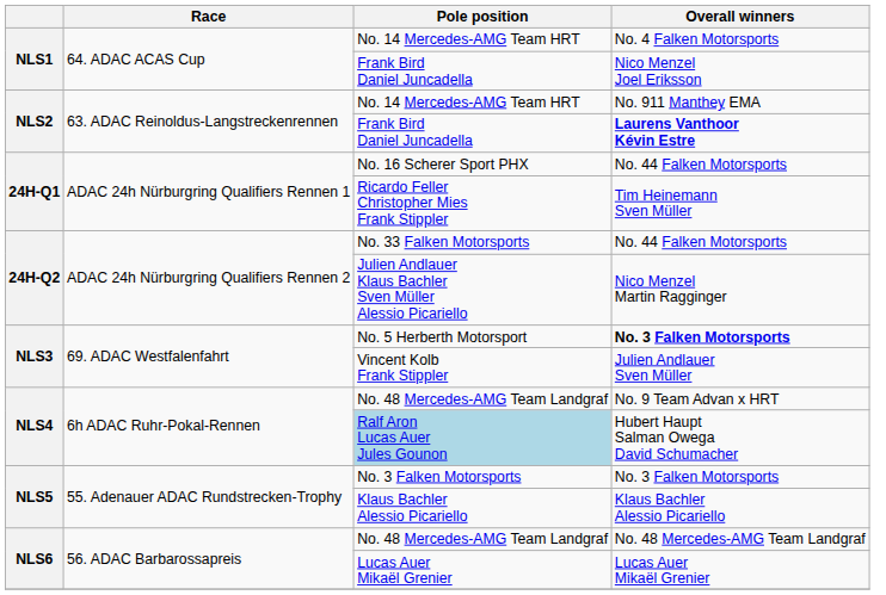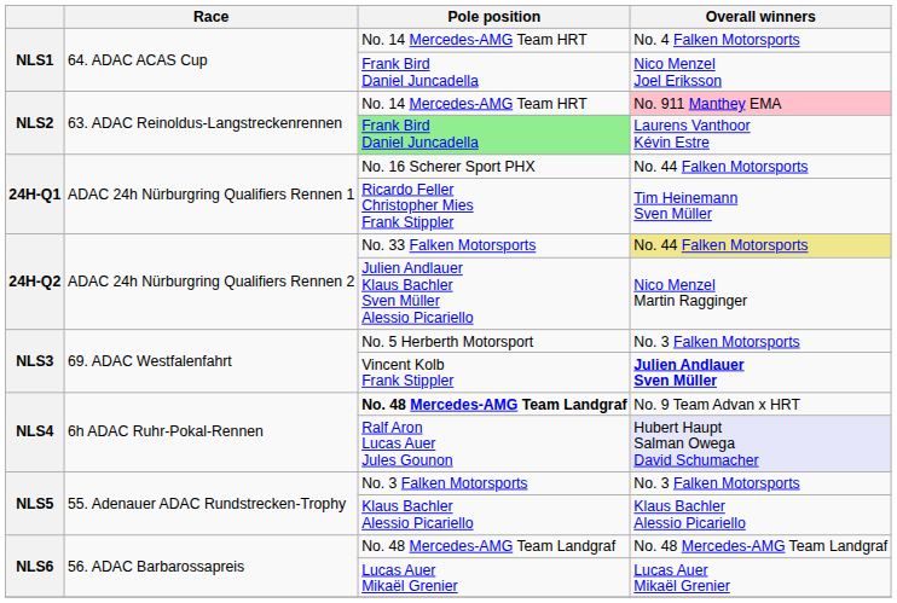 <table class="wikitable" style="font-size: 85%;">
 <tr>
 <th></th>
 <th>Race</th>
 <th>Pole position</th>
 <th>Overall winners</th>
 </tr>
 <tr>
 <th rowspan="2">NLS1</th>
 <td rowspan="2">64. ADAC ACAS Cup</td>
 <td> No. 14 <a href='#'>Mercedes-AMG</a> Team HRT</td>
 <td> No. 4 <a href='#'>Falken Motorsports</a></td>
 </tr>
 <tr>
 <td> <a href='#'>Frank Bird</a><br> <a href='#'>Daniel Juncadella</a></td>
 <td> <a href='#'>Nico Menzel</a><br> <a href='#'>Joel Eriksson</a></td>
 </tr>
 <tr>
 <th rowspan="2">NLS2</th>
 <td rowspan="2">63. ADAC Reinoldus-Langstreckenrennen</td>
 <td> No. 14 <a href='#'>Mercedes-AMG</a> Team HRT</td>
-<td> No. 911 <a href='#'>Manthey</a> EMA</td>
+<td style="background: pink;"> No. 911 <a href='#'>Manthey</a> EMA</td>
 </tr>
 <tr>
-<td> <a href='#'>Frank Bird</a><br> <a href='#'>Daniel Juncadella</a></td>
-<td><strong> <a href='#'>Laurens Vanthoor</a><br> <a href='#'>Kévin Estre</a></strong></td>
+<td style="background: lightgreen;"> <a href='#'>Frank Bird</a><br> <a href='#'>Daniel Juncadella</a></td>
+<td> <a href='#'>Laurens Vanthoor</a><br> <a href='#'>Kévin Estre</a></td>
 </tr>
 <tr>
 <th rowspan="2">24H-Q1</th>
 <td rowspan="2">ADAC 24h Nürburgring Qualifiers Rennen 1</td>
 <td> No. 16 Scherer Sport PHX</td>
 <td> No. 44 <a href='#'>Falken Motorsports</a></td>
 </tr>
 <tr>
 <td> <a href='#'>Ricardo Feller</a><br> <a href='#'>Christopher Mies</a><br> <a href='#'>Frank Stippler</a></td>
 <td> <a href='#'>Tim Heinemann</a><br> <a href='#'>Sven Müller</a></td>
 </tr>
 <tr>
 <th rowspan="2">24H-Q2</th>
 <td rowspan="2">ADAC 24h Nürburgring Qualifiers Rennen 2</td>
 <td> No. 33 <a href='#'>Falken Motorsports</a></td>
-<td> No. 44 <a href='#'>Falken Motorsports</a></td>
+<td style="background: khaki;"> No. 44 <a href='#'>Falken Motorsports</a></td>
 </tr>
 <tr>
 <td> <a href='#'>Julien Andlauer</a><br> <a href='#'>Klaus Bachler</a><br> <a href='#'>Sven Müller</a><br> <a href='#'>Alessio Picariello</a></td>
 <td> <a href='#'>Nico Menzel</a><br> Martin Ragginger</td>
 </tr>
 <tr>
 <th rowspan="2">NLS3</th>
 <td rowspan="2">69. ADAC Westfalenfahrt</td>
 <td> No. 5 Herberth Motorsport</td>
-<td><strong> No. 3 <a href='#'>Falken Motorsports</a></strong></td>
+<td> No. 3 <a href='#'>Falken Motorsports</a></td>
 </tr>
 <tr>
 <td> Vincent Kolb<br> <a href='#'>Frank Stippler</a></td>
-<td> <a href='#'>Julien Andlauer</a><br> <a href='#'>Sven Müller</a></td>
+<td><strong> <a href='#'>Julien Andlauer</a><br> <a href='#'>Sven Müller</a></strong></td>
 </tr>
 <tr>
 <th rowspan="2">NLS4</th>
 <td rowspan="2">6h ADAC Ruhr-Pokal-Rennen</td>
-<td> No. 48 <a href='#'>Mercedes-AMG</a> Team Landgraf</td>
+<td><strong> No. 48 <a href='#'>Mercedes-AMG</a> Team Landgraf</strong></td>
 <td> No. 9 Team Advan x HRT</td>
 </tr>
 <tr>
-<td style="background: lightblue;"> <a href='#'>Ralf Aron</a><br> <a href='#'>Lucas Auer</a><br> <a href='#'>Jules Gounon</a></td>
-<td> Hubert Haupt<br> Salman Owega<br> <a href='#'>David Schumacher</a></td>
+<td> <a href='#'>Ralf Aron</a><br> <a href='#'>Lucas Auer</a><br> <a href='#'>Jules Gounon</a></td>
+<td style="background: lavender;"> Hubert Haupt<br> Salman Owega<br> <a href='#'>David Schumacher</a></td>
 </tr>
 <tr>
 <th rowspan="2">NLS5</th>
 <td rowspan="2">55. Adenauer ADAC Rundstrecken-Trophy</td>
 <td> No. 3 <a href='#'>Falken Motorsports</a></td>
 <td> No. 3 <a href='#'>Falken Motorsports</a></td>
 </tr>
 <tr>
 <td> <a href='#'>Klaus Bachler</a><br> <a href='#'>Alessio Picariello</a></td>
 <td> <a href='#'>Klaus Bachler</a><br> <a href='#'>Alessio Picariello</a></td>
 </tr>
 <tr>
 <th rowspan="2">NLS6</th>
 <td rowspan="2">56. ADAC Barbarossapreis</td>
 <td> No. 48 <a href='#'>Mercedes-AMG</a> Team Landgraf</td>
 <td> No. 48 <a href='#'>Mercedes-AMG</a> Team Landgraf</td>
 </tr>
 <tr>
 <td> <a href='#'>Lucas Auer</a><br> <a href='#'>Mikaël Grenier</a></td>
 <td> <a href='#'>Lucas Auer</a><br> <a href='#'>Mikaël Grenier</a></td>
 </tr>
 <tr>
 </tr>
 </table>
